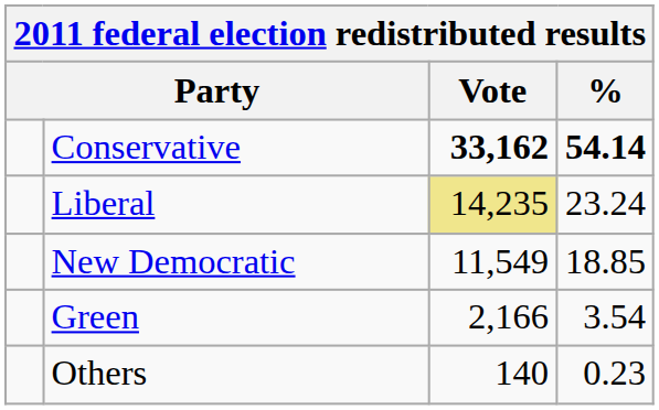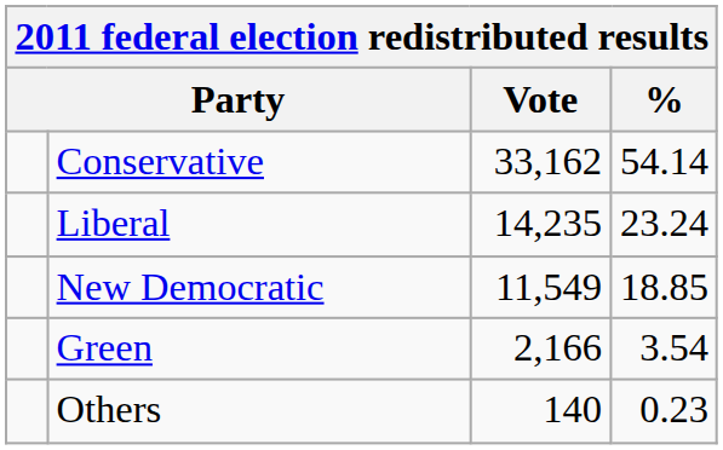 <table class="wikitable">
 <tr>
 <th colspan="4"><a href='#'>2011 federal election</a> redistributed results</th>
 </tr>
 <tr>
 <th bgcolor="#DDDDFF" width="130px" colspan="2">Party</th>
 <th bgcolor="#DDDDFF" width="50px">Vote</th>
 <th bgcolor="#DDDDFF" width="30px">%</th>
 </tr>
 <tr>
 <td> </td>
 <td><a href='#'>Conservative</a></td>
-<td align=right><strong>33,162</strong></td>
-<td align=right><strong>54.14</strong></td>
+<td align=right>33,162</td>
+<td align=right>54.14</td>
 </tr>
 <tr>
 <td> </td>
 <td><a href='#'>Liberal</a></td>
-<td align=right style="background: khaki;">14,235</td>
+<td align=right>14,235</td>
 <td align=right>23.24</td>
 </tr>
 <tr>
 <td> </td>
 <td><a href='#'>New Democratic</a></td>
 <td align=right>11,549</td>
 <td align=right>18.85</td>
 </tr>
 <tr>
 <td> </td>
 <td><a href='#'>Green</a></td>
 <td align=right>2,166</td>
 <td align=right>3.54</td>
 </tr>
 <tr>
 <td> </td>
 <td>Others</td>
 <td align=right>140</td>
 <td align=right>0.23</td>
 </tr>
 </table>
